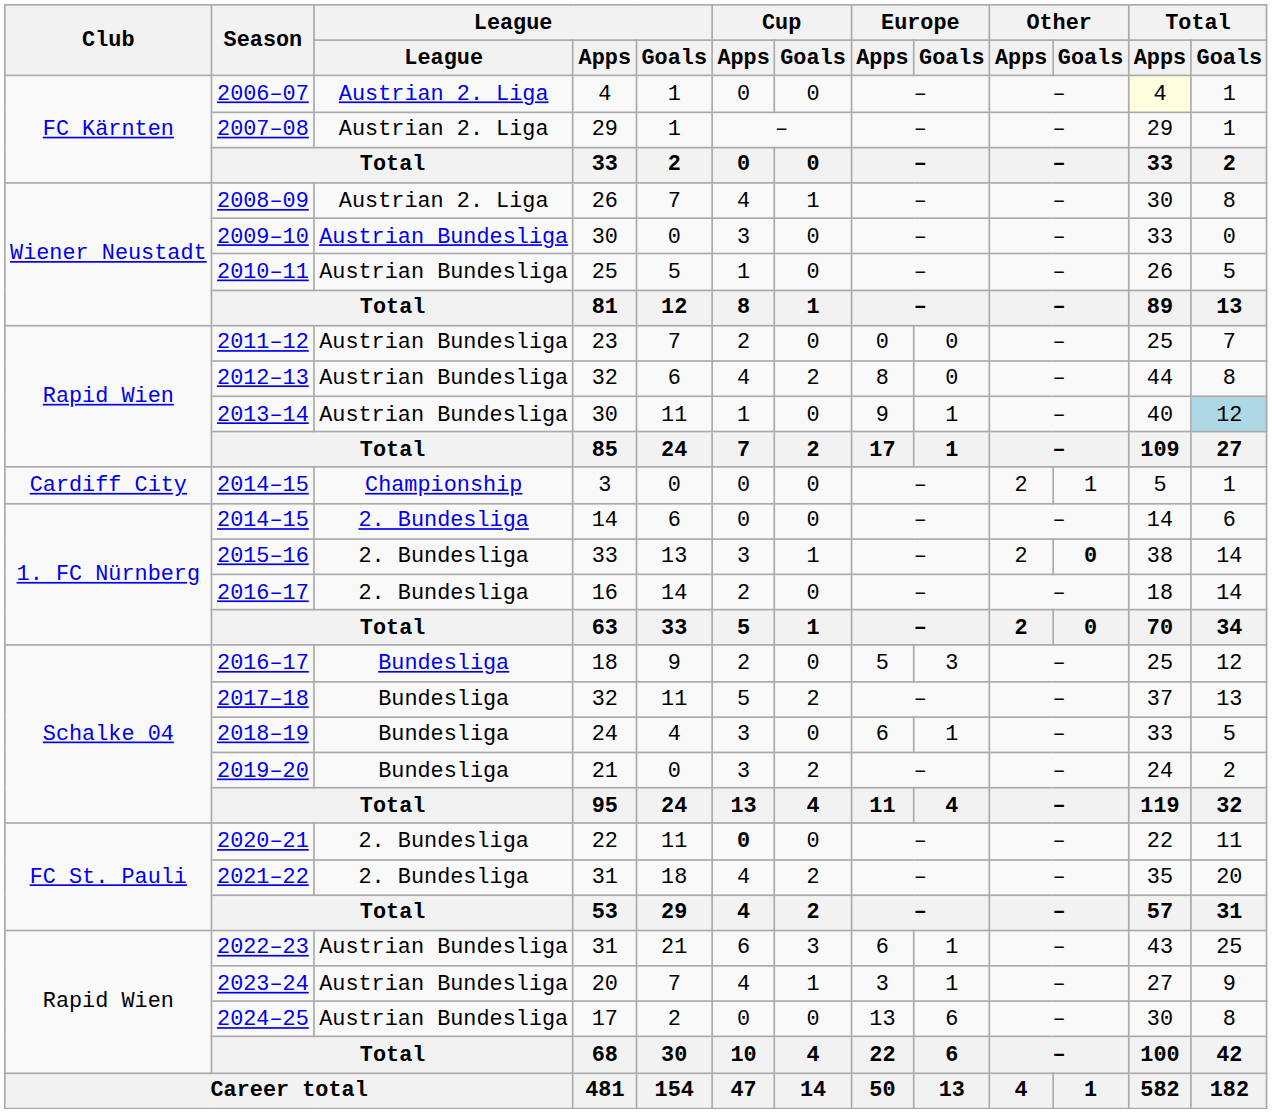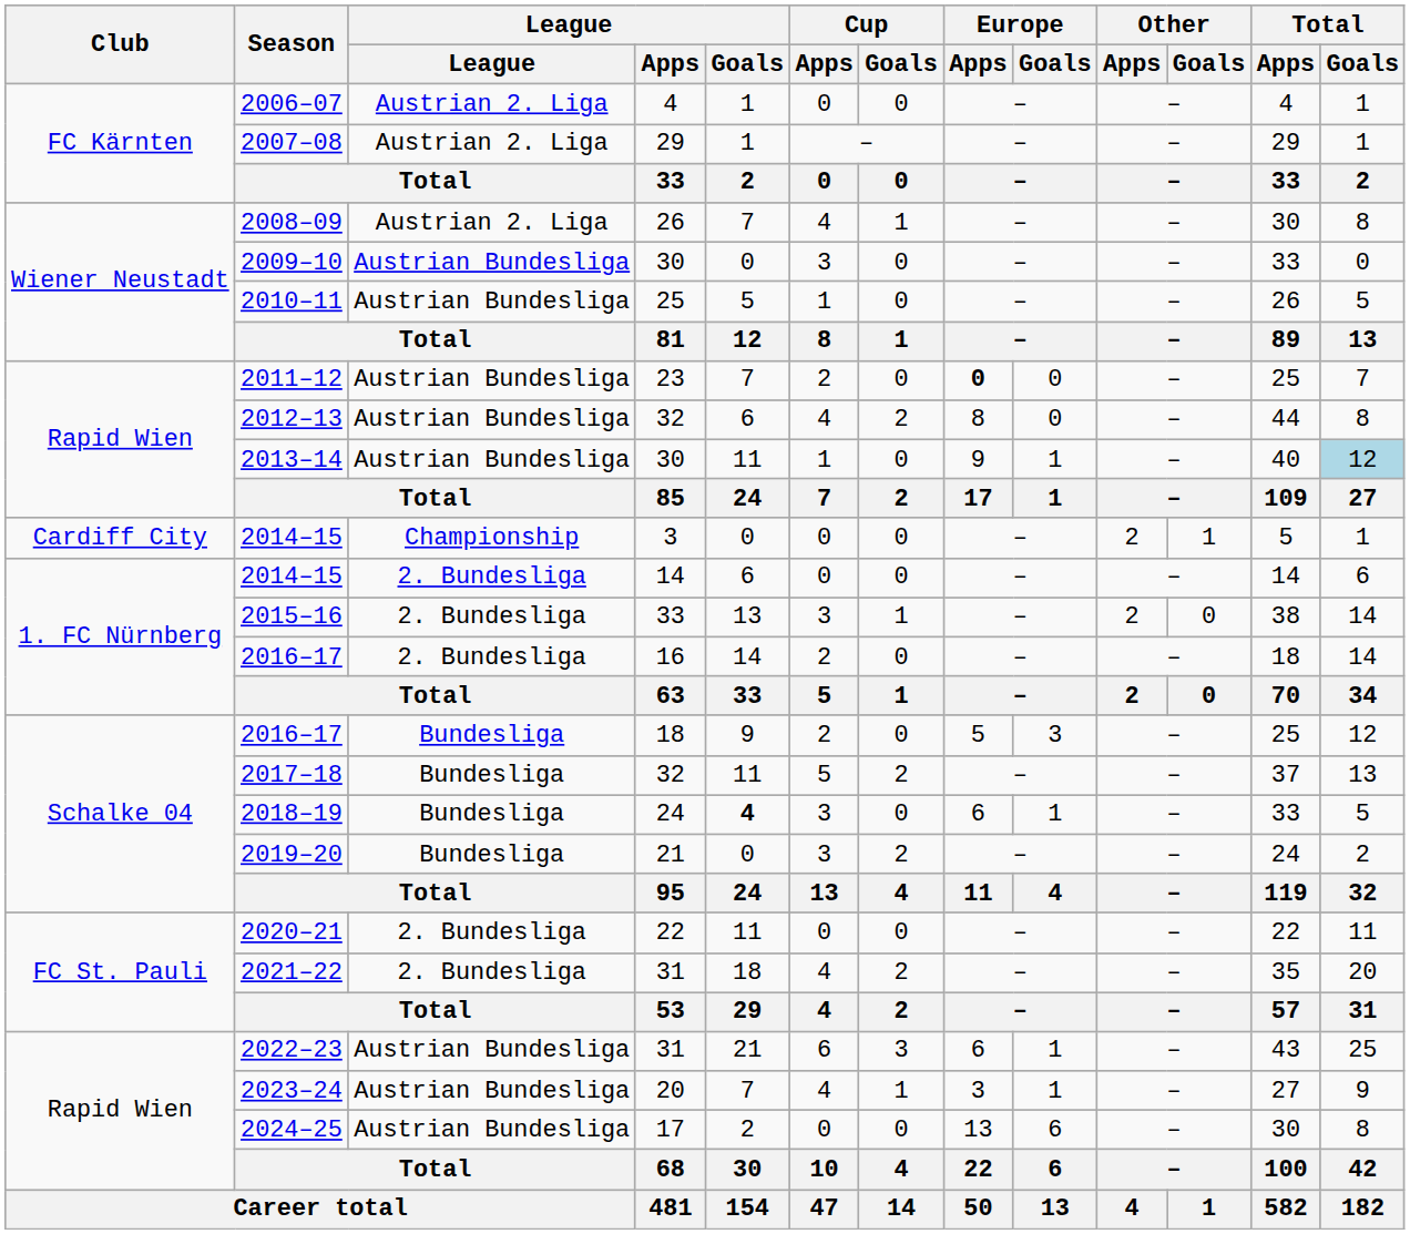 <table class="wikitable nowrap" style="text-align:center">
 <tr>
 <th rowspan="2">Club</th>
 <th rowspan="2">Season</th>
 <th colspan="3">League</th>
 <th colspan="2">Cup</th>
 <th colspan="2">Europe</th>
 <th colspan="2">Other</th>
 <th colspan="2">Total</th>
 </tr>
 <tr>
 <th>League</th>
 <th>Apps</th>
 <th>Goals</th>
 <th>Apps</th>
 <th>Goals</th>
 <th>Apps</th>
 <th>Goals</th>
 <th>Apps</th>
 <th>Goals</th>
 <th>Apps</th>
 <th>Goals</th>
 </tr>
 <tr>
 <td rowspan="3"><a href='#'>FC Kärnten</a></td>
 <td><a href='#'>2006–07</a></td>
 <td><a href='#'>Austrian 2. Liga</a></td>
 <td>4</td>
 <td>1</td>
 <td>0</td>
 <td>0</td>
 <td colspan="2">–</td>
 <td colspan="2">–</td>
-<td style="background: lightyellow;">4</td>
+<td>4</td>
 <td>1</td>
 </tr>
 <tr>
 <td><a href='#'>2007–08</a></td>
 <td>Austrian 2. Liga</td>
 <td>29</td>
 <td>1</td>
 <td colspan="2">–</td>
 <td colspan="2">–</td>
 <td colspan="2">–</td>
 <td>29</td>
 <td>1</td>
 </tr>
 <tr>
 <th colspan="2">Total</th>
 <th>33</th>
 <th>2</th>
 <th>0</th>
 <th>0</th>
 <th colspan="2">–</th>
 <th colspan="2">–</th>
 <th>33</th>
 <th>2</th>
 </tr>
 <tr>
 <td rowspan="4"><a href='#'>Wiener Neustadt</a></td>
 <td><a href='#'>2008–09</a></td>
 <td>Austrian 2. Liga</td>
 <td>26</td>
 <td>7</td>
 <td>4</td>
 <td>1</td>
 <td colspan="2">–</td>
 <td colspan="2">–</td>
 <td>30</td>
 <td>8</td>
 </tr>
 <tr>
 <td><a href='#'>2009–10</a></td>
 <td><a href='#'>Austrian Bundesliga</a></td>
 <td>30</td>
 <td>0</td>
 <td>3</td>
 <td>0</td>
 <td colspan="2">–</td>
 <td colspan="2">–</td>
 <td>33</td>
 <td>0</td>
 </tr>
 <tr>
 <td><a href='#'>2010–11</a></td>
 <td>Austrian Bundesliga</td>
 <td>25</td>
 <td>5</td>
 <td>1</td>
 <td>0</td>
 <td colspan="2">–</td>
 <td colspan="2">–</td>
 <td>26</td>
 <td>5</td>
 </tr>
 <tr>
 <th colspan="2">Total</th>
 <th>81</th>
 <th>12</th>
 <th>8</th>
 <th>1</th>
 <th colspan="2">–</th>
 <th colspan="2">–</th>
 <th>89</th>
 <th>13</th>
 </tr>
 <tr>
 <td rowspan="4"><a href='#'>Rapid Wien</a></td>
 <td><a href='#'>2011–12</a></td>
 <td>Austrian Bundesliga</td>
 <td>23</td>
 <td>7</td>
 <td>2</td>
 <td>0</td>
-<td>0</td>
+<td><strong>0</strong></td>
 <td>0</td>
 <td colspan="2">–</td>
 <td>25</td>
 <td>7</td>
 </tr>
 <tr>
 <td><a href='#'>2012–13</a></td>
 <td>Austrian Bundesliga</td>
 <td>32</td>
 <td>6</td>
 <td>4</td>
 <td>2</td>
 <td>8</td>
 <td>0</td>
 <td colspan="2">–</td>
 <td>44</td>
 <td>8</td>
 </tr>
 <tr>
 <td><a href='#'>2013–14</a></td>
 <td>Austrian Bundesliga</td>
 <td>30</td>
 <td>11</td>
 <td>1</td>
 <td>0</td>
 <td>9</td>
 <td>1</td>
 <td colspan="2">–</td>
 <td>40</td>
 <td style="background: lightblue;">12</td>
 </tr>
 <tr>
 <th colspan="2">Total</th>
 <th>85</th>
 <th>24</th>
 <th>7</th>
 <th>2</th>
 <th>17</th>
 <th>1</th>
 <th colspan="2">–</th>
 <th>109</th>
 <th>27</th>
 </tr>
 <tr>
 <td><a href='#'>Cardiff City</a></td>
 <td><a href='#'>2014–15</a></td>
 <td><a href='#'>Championship</a></td>
 <td>3</td>
 <td>0</td>
 <td>0</td>
 <td>0</td>
 <td colspan="2">–</td>
 <td>2</td>
 <td>1</td>
 <td>5</td>
 <td>1</td>
 </tr>
 <tr>
 <td rowspan="4"><a href='#'>1. FC Nürnberg</a></td>
 <td><a href='#'>2014–15</a></td>
 <td><a href='#'>2. Bundesliga</a></td>
 <td>14</td>
 <td>6</td>
 <td>0</td>
 <td>0</td>
 <td colspan="2">–</td>
 <td colspan="2">–</td>
 <td>14</td>
 <td>6</td>
 </tr>
 <tr>
 <td><a href='#'>2015–16</a></td>
 <td>2. Bundesliga</td>
 <td>33</td>
 <td>13</td>
 <td>3</td>
 <td>1</td>
 <td colspan="2">–</td>
 <td>2</td>
-<td><strong>0</strong></td>
+<td>0</td>
 <td>38</td>
 <td>14</td>
 </tr>
 <tr>
 <td><a href='#'>2016–17</a></td>
 <td>2. Bundesliga</td>
 <td>16</td>
 <td>14</td>
 <td>2</td>
 <td>0</td>
 <td colspan="2">–</td>
 <td colspan="2">–</td>
 <td>18</td>
 <td>14</td>
 </tr>
 <tr>
 <th colspan="2">Total</th>
 <th>63</th>
 <th>33</th>
 <th>5</th>
 <th>1</th>
 <th colspan="2">–</th>
 <th>2</th>
 <th>0</th>
 <th>70</th>
 <th>34</th>
 </tr>
 <tr>
 <td rowspan="5"><a href='#'>Schalke 04</a></td>
 <td><a href='#'>2016–17</a></td>
 <td><a href='#'>Bundesliga</a></td>
 <td>18</td>
 <td>9</td>
 <td>2</td>
 <td>0</td>
 <td>5</td>
 <td>3</td>
 <td colspan="2">–</td>
 <td>25</td>
 <td>12</td>
 </tr>
 <tr>
 <td><a href='#'>2017–18</a></td>
 <td>Bundesliga</td>
 <td>32</td>
 <td>11</td>
 <td>5</td>
 <td>2</td>
 <td colspan="2">–</td>
 <td colspan="2">–</td>
 <td>37</td>
 <td>13</td>
 </tr>
 <tr>
 <td><a href='#'>2018–19</a></td>
 <td>Bundesliga</td>
 <td>24</td>
-<td>4</td>
+<td><strong>4</strong></td>
 <td>3</td>
 <td>0</td>
 <td>6</td>
 <td>1</td>
 <td colspan="2">–</td>
 <td>33</td>
 <td>5</td>
 </tr>
 <tr>
 <td><a href='#'>2019–20</a></td>
 <td>Bundesliga</td>
 <td>21</td>
 <td>0</td>
 <td>3</td>
 <td>2</td>
 <td colspan="2">–</td>
 <td colspan="2">–</td>
 <td>24</td>
 <td>2</td>
 </tr>
 <tr>
 <th colspan="2">Total</th>
 <th>95</th>
 <th>24</th>
 <th>13</th>
 <th>4</th>
 <th>11</th>
 <th>4</th>
 <th colspan="2">–</th>
 <th>119</th>
 <th>32</th>
 </tr>
 <tr>
 <td rowspan="3"><a href='#'>FC St. Pauli</a></td>
 <td><a href='#'>2020–21</a></td>
 <td>2. Bundesliga</td>
 <td>22</td>
 <td>11</td>
-<td><strong>0</strong></td>
+<td>0</td>
 <td>0</td>
 <td colspan="2">–</td>
 <td colspan="2">–</td>
 <td>22</td>
 <td>11</td>
 </tr>
 <tr>
 <td><a href='#'>2021–22</a></td>
 <td>2. Bundesliga</td>
 <td>31</td>
 <td>18</td>
 <td>4</td>
 <td>2</td>
 <td colspan="2">–</td>
 <td colspan="2">–</td>
 <td>35</td>
 <td>20</td>
 </tr>
 <tr>
 <th colspan="2">Total</th>
 <th>53</th>
 <th>29</th>
 <th>4</th>
 <th>2</th>
 <th colspan="2">–</th>
 <th colspan="2">–</th>
 <th>57</th>
 <th>31</th>
 </tr>
 <tr>
 <td rowspan="4">Rapid Wien</td>
 <td><a href='#'>2022–23</a></td>
 <td>Austrian Bundesliga</td>
 <td>31</td>
 <td>21</td>
 <td>6</td>
 <td>3</td>
 <td>6</td>
 <td>1</td>
 <td colspan="2">–</td>
 <td>43</td>
 <td>25</td>
 </tr>
 <tr>
 <td><a href='#'>2023–24</a></td>
 <td>Austrian Bundesliga</td>
 <td>20</td>
 <td>7</td>
 <td>4</td>
 <td>1</td>
 <td>3</td>
 <td>1</td>
 <td colspan="2">–</td>
 <td>27</td>
 <td>9</td>
 </tr>
 <tr>
 <td><a href='#'>2024–25</a></td>
 <td>Austrian Bundesliga</td>
 <td>17</td>
 <td>2</td>
 <td>0</td>
 <td>0</td>
 <td>13</td>
 <td>6</td>
 <td colspan="2">–</td>
 <td>30</td>
 <td>8</td>
 </tr>
 <tr>
 <th colspan="2">Total</th>
 <th>68</th>
 <th>30</th>
 <th>10</th>
 <th>4</th>
 <th>22</th>
 <th>6</th>
 <th colspan="2">–</th>
 <th>100</th>
 <th>42</th>
 </tr>
 <tr>
 <th colspan="3">Career total</th>
 <th>481</th>
 <th>154</th>
 <th>47</th>
 <th>14</th>
 <th>50</th>
 <th>13</th>
 <th>4</th>
 <th>1</th>
 <th>582</th>
 <th>182</th>
 </tr>
 </table>
